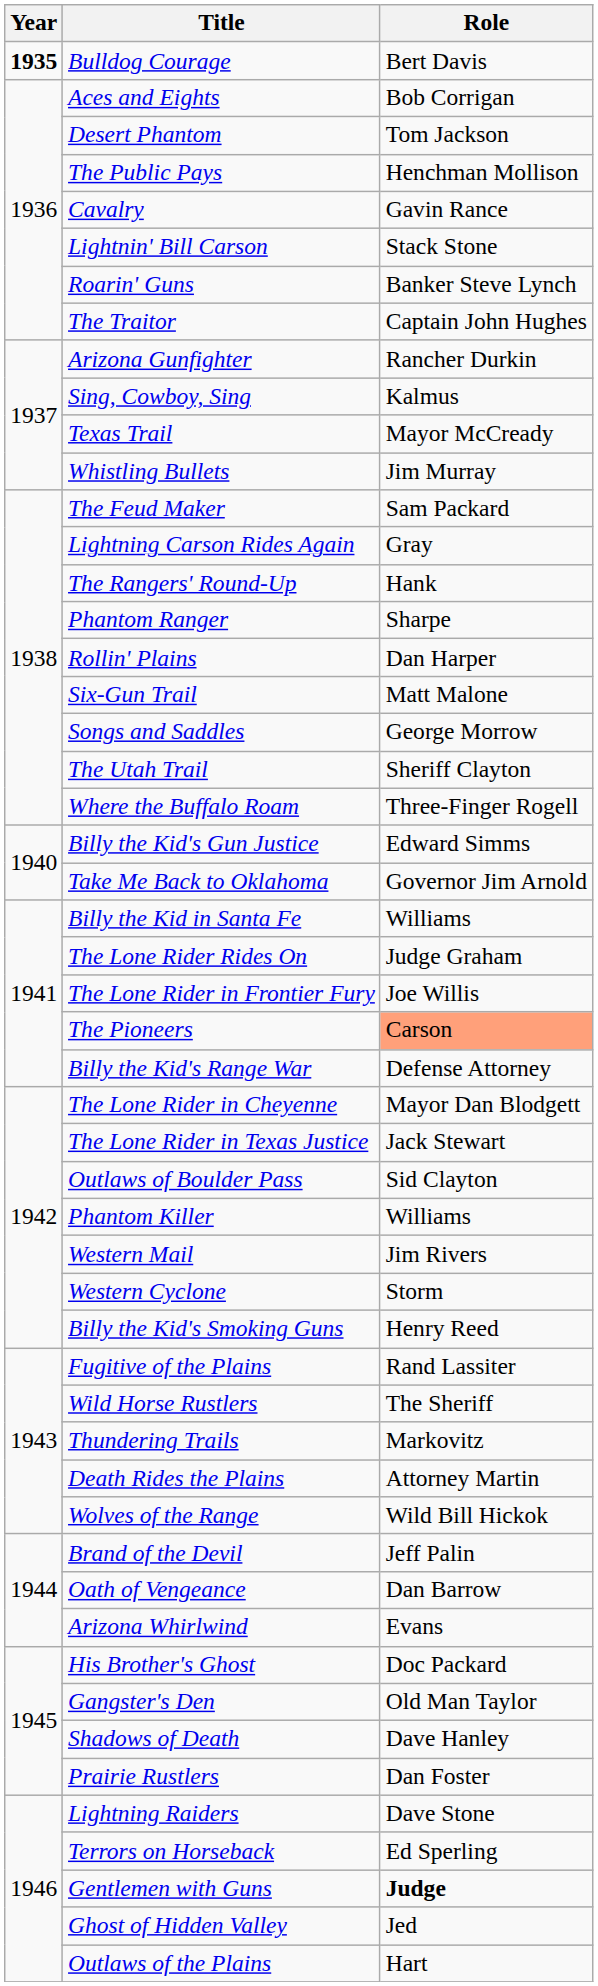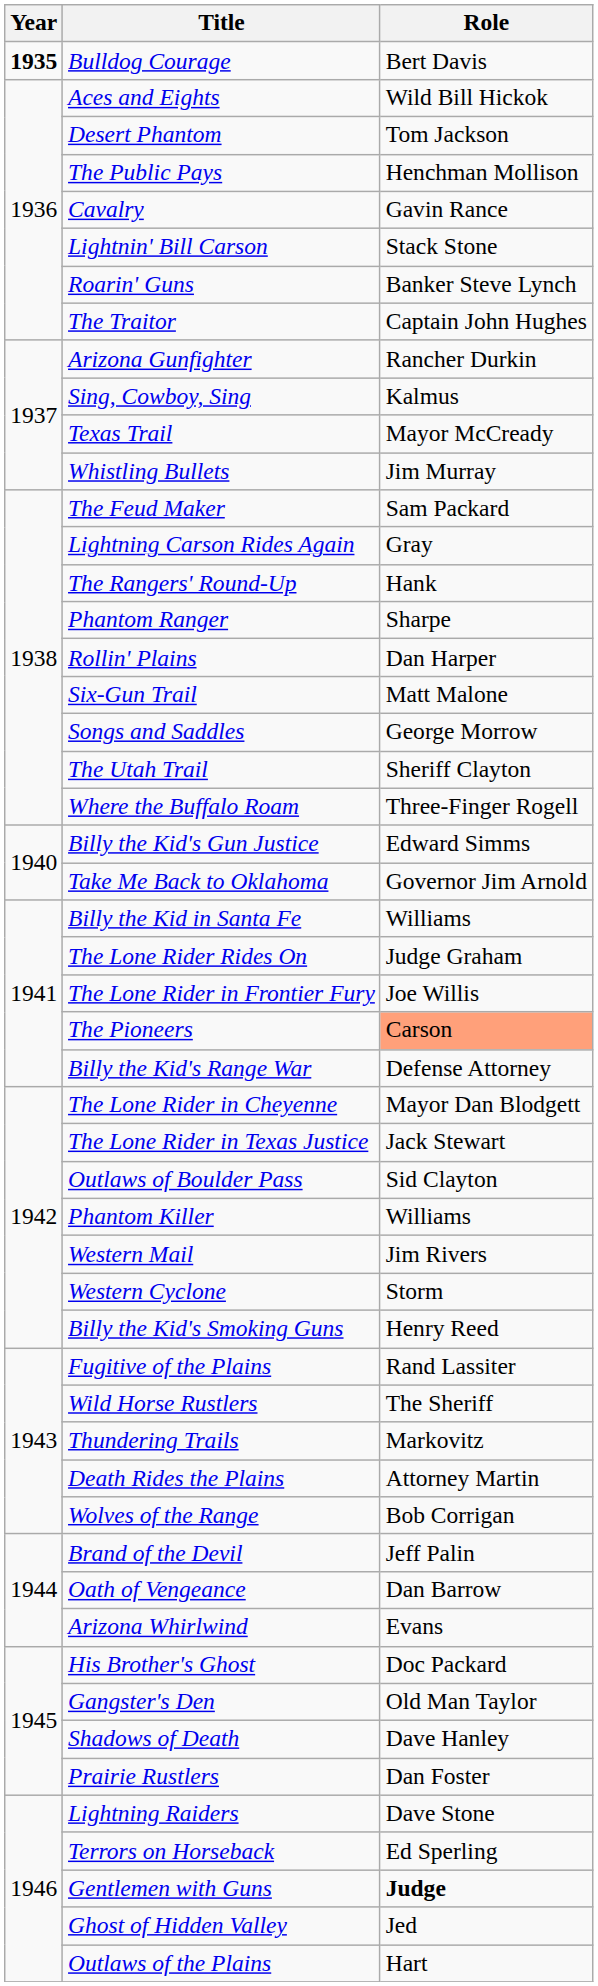 <table class="wikitable sortable plainrowheaders">
 <tr>
 <th scope="col">Year</th>
 <th scope="col">Title</th>
 <th scope="col">Role</th>
 </tr>
 <tr>
 <td><strong>1935</strong></td>
 <td><em><a href='#'>Bulldog Courage</a></em></td>
 <td>Bert Davis</td>
 </tr>
 <tr>
 <td rowspan=7>1936</td>
 <td><em><a href='#'>Aces and Eights</a></em></td>
-<td>Bob Corrigan</td>
+<td>Wild Bill Hickok</td>
 </tr>
 <tr>
 <td><em><a href='#'>Desert Phantom</a></em></td>
 <td>Tom Jackson</td>
 </tr>
 <tr>
 <td><em><a href='#'>The Public Pays</a></em></td>
 <td>Henchman Mollison</td>
 </tr>
 <tr>
 <td><em><a href='#'>Cavalry</a></em></td>
 <td>Gavin Rance</td>
 </tr>
 <tr>
 <td><em><a href='#'>Lightnin' Bill Carson</a></em></td>
 <td>Stack Stone</td>
 </tr>
 <tr>
 <td><em><a href='#'>Roarin' Guns</a></em></td>
 <td>Banker Steve Lynch</td>
 </tr>
 <tr>
 <td><em><a href='#'>The Traitor</a></em></td>
 <td>Captain John Hughes</td>
 </tr>
 <tr>
 <td rowspan=4>1937</td>
 <td><em><a href='#'>Arizona Gunfighter</a></em></td>
 <td>Rancher Durkin</td>
 </tr>
 <tr>
 <td><em><a href='#'>Sing, Cowboy, Sing</a></em></td>
 <td>Kalmus</td>
 </tr>
 <tr>
 <td><em><a href='#'>Texas Trail</a></em></td>
 <td>Mayor McCready</td>
 </tr>
 <tr>
 <td><em><a href='#'>Whistling Bullets</a></em></td>
 <td>Jim Murray</td>
 </tr>
 <tr>
 <td rowspan=9>1938</td>
 <td><em><a href='#'>The Feud Maker</a></em></td>
 <td>Sam Packard</td>
 </tr>
 <tr>
 <td><em><a href='#'>Lightning Carson Rides Again</a></em></td>
 <td>Gray</td>
 </tr>
 <tr>
 <td><em><a href='#'>The Rangers' Round-Up</a></em></td>
 <td>Hank</td>
 </tr>
 <tr>
 <td><em><a href='#'>Phantom Ranger</a></em></td>
 <td>Sharpe</td>
 </tr>
 <tr>
 <td><em><a href='#'>Rollin' Plains</a></em></td>
 <td>Dan Harper</td>
 </tr>
 <tr>
 <td><em><a href='#'>Six-Gun Trail</a></em></td>
 <td>Matt Malone</td>
 </tr>
 <tr>
 <td><em><a href='#'>Songs and Saddles</a></em></td>
 <td>George Morrow</td>
 </tr>
 <tr>
 <td><em><a href='#'>The Utah Trail</a></em></td>
 <td>Sheriff Clayton</td>
 </tr>
 <tr>
 <td><em><a href='#'>Where the Buffalo Roam</a></em></td>
 <td>Three-Finger Rogell</td>
 </tr>
 <tr>
 <td rowspan=2>1940</td>
 <td><em><a href='#'>Billy the Kid's Gun Justice</a></em></td>
 <td>Edward Simms</td>
 </tr>
 <tr>
 <td><em><a href='#'>Take Me Back to Oklahoma</a></em></td>
 <td>Governor Jim Arnold</td>
 </tr>
 <tr>
 <td rowspan=5>1941</td>
 <td><em><a href='#'>Billy the Kid in Santa Fe</a></em></td>
 <td>Williams</td>
 </tr>
 <tr>
 <td><em><a href='#'>The Lone Rider Rides On</a></em></td>
 <td>Judge Graham</td>
 </tr>
 <tr>
 <td><em><a href='#'>The Lone Rider in Frontier Fury</a></em></td>
 <td>Joe Willis</td>
 </tr>
 <tr>
 <td><em><a href='#'>The Pioneers</a></em></td>
 <td style="background: lightsalmon;">Carson</td>
 </tr>
 <tr>
 <td><em><a href='#'>Billy the Kid's Range War</a></em></td>
 <td>Defense Attorney</td>
 </tr>
 <tr>
 <td rowspan=7>1942</td>
 <td><em><a href='#'>The Lone Rider in Cheyenne</a></em></td>
 <td>Mayor Dan Blodgett</td>
 </tr>
 <tr>
 <td><em><a href='#'>The Lone Rider in Texas Justice</a></em></td>
 <td>Jack Stewart</td>
 </tr>
 <tr>
 <td><em><a href='#'>Outlaws of Boulder Pass</a></em></td>
 <td>Sid Clayton</td>
 </tr>
 <tr>
 <td><em><a href='#'>Phantom Killer</a></em></td>
 <td>Williams</td>
 </tr>
 <tr>
 <td><em><a href='#'>Western Mail</a></em></td>
 <td>Jim Rivers</td>
 </tr>
 <tr>
 <td><em><a href='#'>Western Cyclone</a></em></td>
 <td>Storm</td>
 </tr>
 <tr>
 <td><em><a href='#'>Billy the Kid's Smoking Guns</a></em></td>
 <td>Henry Reed</td>
 </tr>
 <tr>
 <td rowspan=5>1943</td>
 <td><em><a href='#'>Fugitive of the Plains</a></em></td>
 <td>Rand Lassiter</td>
 </tr>
 <tr>
 <td><em><a href='#'>Wild Horse Rustlers</a></em></td>
 <td>The Sheriff</td>
 </tr>
 <tr>
 <td><em><a href='#'>Thundering Trails</a></em></td>
 <td>Markovitz</td>
 </tr>
 <tr>
 <td><em><a href='#'>Death Rides the Plains</a></em></td>
 <td>Attorney Martin</td>
 </tr>
 <tr>
 <td><em><a href='#'>Wolves of the Range</a></em></td>
-<td>Wild Bill Hickok</td>
+<td>Bob Corrigan</td>
 </tr>
 <tr>
 <td rowspan=3>1944</td>
 <td><em><a href='#'>Brand of the Devil</a></em></td>
 <td>Jeff Palin</td>
 </tr>
 <tr>
 <td><em><a href='#'>Oath of Vengeance</a></em></td>
 <td>Dan Barrow</td>
 </tr>
 <tr>
 <td><em><a href='#'>Arizona Whirlwind</a></em></td>
 <td>Evans</td>
 </tr>
 <tr>
 <td rowspan=4>1945</td>
 <td><em><a href='#'>His Brother's Ghost</a></em></td>
 <td>Doc Packard</td>
 </tr>
 <tr>
 <td><em><a href='#'>Gangster's Den</a></em></td>
 <td>Old Man Taylor</td>
 </tr>
 <tr>
 <td><em><a href='#'>Shadows of Death</a></em></td>
 <td>Dave Hanley</td>
 </tr>
 <tr>
 <td><em><a href='#'>Prairie Rustlers</a></em></td>
 <td>Dan Foster</td>
 </tr>
 <tr>
 <td rowspan=5>1946</td>
 <td><em><a href='#'>Lightning Raiders</a></em></td>
 <td>Dave Stone</td>
 </tr>
 <tr>
 <td><em><a href='#'>Terrors on Horseback</a></em></td>
 <td>Ed Sperling</td>
 </tr>
 <tr>
 <td><em><a href='#'>Gentlemen with Guns</a></em></td>
 <td><strong>Judge</strong></td>
 </tr>
 <tr>
 <td><em><a href='#'>Ghost of Hidden Valley</a></em></td>
 <td>Jed</td>
 </tr>
 <tr>
 <td><em><a href='#'>Outlaws of the Plains</a></em></td>
 <td>Hart</td>
 </tr>
 </table>
